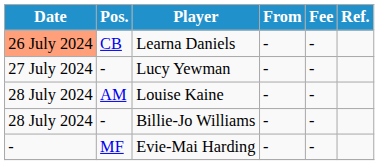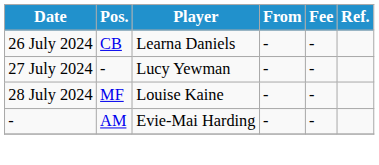 <table class="wikitable plainrowheaders sortable">
 <tr>
 <th style="background:#2191CC; color:#FFFFFF; ">Date</th>
 <th style="background:#2191CC; color:#FFFFFF; ">Pos.</th>
 <th style="background:#2191CC; color:#FFFFFF; ">Player</th>
 <th style="background:#2191CC; color:#FFFFFF; ">From</th>
 <th style="background:#2191CC; color:#FFFFFF; ">Fee</th>
 <th style="background:#2191CC; color:#FFFFFF; ">Ref.</th>
 </tr>
 <tr>
-<td style="background: lightsalmon;">26 July 2024</td>
+<td>26 July 2024</td>
 <td><a href='#'>CB</a></td>
 <td> Learna Daniels</td>
 <td>-</td>
 <td>-</td>
 <td></td>
 </tr>
 <tr>
 <td>27 July 2024</td>
 <td>-</td>
 <td> Lucy Yewman</td>
 <td>-</td>
 <td>-</td>
 <td></td>
 </tr>
 <tr>
 <td>28 July 2024</td>
-<td><a href='#'>AM</a></td>
+<td><a href='#'>MF</a></td>
 <td> Louise Kaine</td>
 <td>-</td>
 <td>-</td>
 <td></td>
 </tr>
 <tr>
-<td>28 July 2024</td>
 <td>-</td>
-<td> Billie-Jo Williams</td>
-<td>-</td>
-<td>-</td>
-<td></td>
-</tr>
-<tr>
-<td>-</td>
-<td><a href='#'>MF</a></td>
+<td><a href='#'>AM</a></td>
 <td> Evie-Mai Harding</td>
 <td>-</td>
 <td>-</td>
 <td></td>
 </tr>
 <tr>
 </tr>
 </table>
